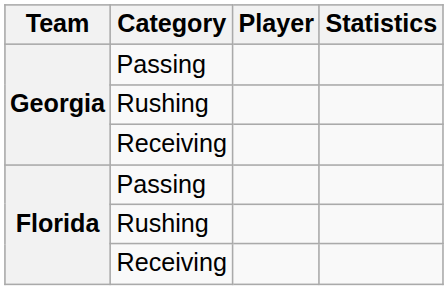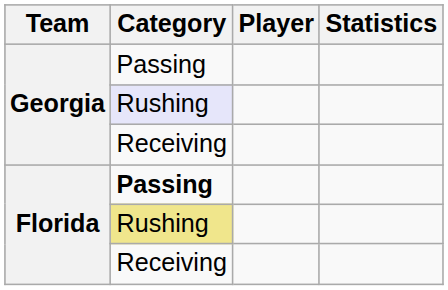 <table class="wikitable" style="float:right">
 <tr>
 <th>Team</th>
 <th>Category</th>
 <th>Player</th>
 <th>Statistics</th>
 </tr>
 <tr>
 <th rowspan=3>Georgia</th>
 <td>Passing</td>
 <td></td>
 <td></td>
 </tr>
 <tr>
-<td>Rushing</td>
+<td style="background: lavender;">Rushing</td>
 <td></td>
 <td></td>
 </tr>
 <tr>
 <td>Receiving</td>
 <td></td>
 <td></td>
 </tr>
 <tr>
 <th rowspan=3>Florida</th>
-<td>Passing</td>
+<td><strong>Passing</strong></td>
 <td></td>
 <td></td>
 </tr>
 <tr>
-<td>Rushing</td>
+<td style="background: khaki;">Rushing</td>
 <td></td>
 <td></td>
 </tr>
 <tr>
 <td>Receiving</td>
 <td></td>
 <td></td>
 </tr>
 </table>
